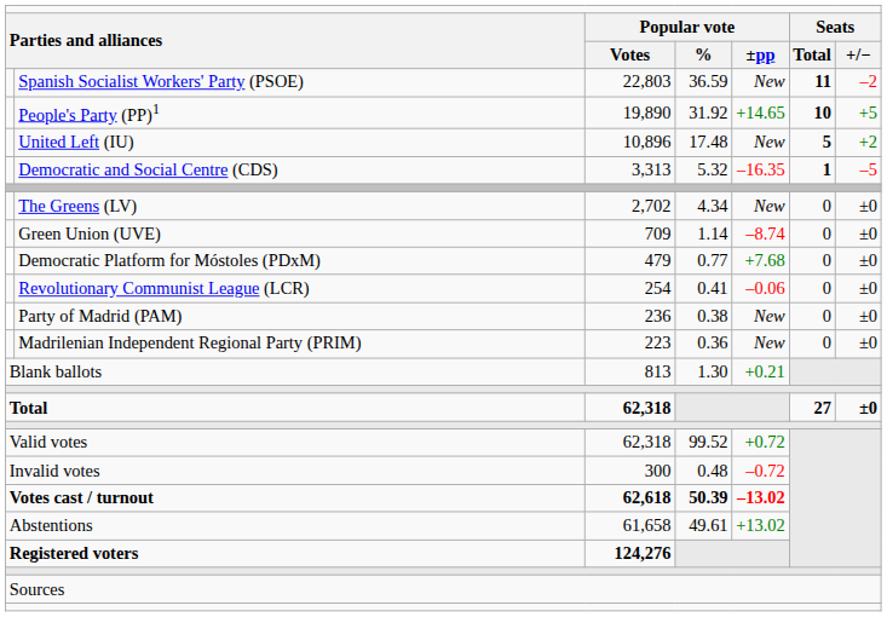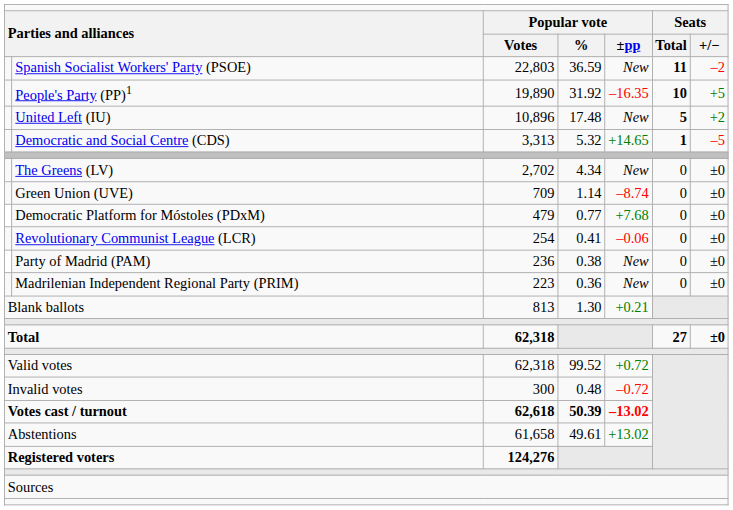 <table class="wikitable" style="text-align:right;">
 <tr>
 <td colspan="7"></td>
 </tr>
 <tr>
 <th style="text-align:left;" rowspan="2" colspan="2" width="525">Parties and alliances</th>
 <th colspan="3">Popular vote</th>
 <th colspan="2">Seats</th>
 </tr>
 <tr>
 <th width="75">Votes</th>
 <th width="45">%</th>
 <th width="45">±<a href='#'>pp</a></th>
 <th width="35">Total</th>
 <th width="35">+/−</th>
 </tr>
 <tr>
 <td width="1" style="color:inherit;background:"></td>
 <td align="left"><a href='#'>Spanish Socialist Workers' Party</a> (PSOE)</td>
 <td>22,803</td>
 <td>36.59</td>
 <td><em>New</em></td>
 <td><strong>11</strong></td>
 <td style="color:red;">–2</td>
 </tr>
 <tr>
 <td style="color:inherit;background:"></td>
 <td align="left"><a href='#'>People's Party</a> (PP)<sup>1</sup></td>
 <td>19,890</td>
 <td>31.92</td>
-<td style="color:green;">+14.65</td>
+<td style="color:red;">–16.35</td>
 <td><strong>10</strong></td>
 <td style="color:green;">+5</td>
 </tr>
 <tr>
 <td style="color:inherit;background:"></td>
 <td align="left"><a href='#'>United Left</a> (IU)</td>
 <td>10,896</td>
 <td>17.48</td>
 <td><em>New</em></td>
 <td><strong>5</strong></td>
 <td style="color:green;">+2</td>
 </tr>
 <tr>
 <td style="color:inherit;background:"></td>
 <td align="left"><a href='#'>Democratic and Social Centre</a> (CDS)</td>
 <td>3,313</td>
 <td>5.32</td>
-<td style="color:red;">–16.35</td>
+<td style="color:green;">+14.65</td>
 <td><strong>1</strong></td>
 <td style="color:red;">–5</td>
 </tr>
 <tr>
 <td colspan="7" bgcolor="#C0C0C0"></td>
 </tr>
 <tr>
 <td style="color:inherit;background:"></td>
 <td align="left"><a href='#'>The Greens</a> (LV)</td>
 <td>2,702</td>
 <td>4.34</td>
 <td><em>New</em></td>
 <td>0</td>
 <td>±0</td>
 </tr>
 <tr>
 <td style="color:inherit;background:"></td>
 <td align="left">Green Union (UVE)</td>
 <td>709</td>
 <td>1.14</td>
 <td style="color:red;">–8.74</td>
 <td>0</td>
 <td>±0</td>
 </tr>
 <tr>
 <td bgcolor="white"></td>
 <td align="left">Democratic Platform for Móstoles (PDxM)</td>
 <td>479</td>
 <td>0.77</td>
 <td style="color:green;">+7.68</td>
 <td>0</td>
 <td>±0</td>
 </tr>
 <tr>
 <td style="color:inherit;background:"></td>
 <td align="left"><a href='#'>Revolutionary Communist League</a> (LCR)</td>
 <td>254</td>
 <td>0.41</td>
 <td style="color:red;">–0.06</td>
 <td>0</td>
 <td>±0</td>
 </tr>
 <tr>
 <td bgcolor="white"></td>
 <td align="left">Party of Madrid (PAM)</td>
 <td>236</td>
 <td>0.38</td>
 <td><em>New</em></td>
 <td>0</td>
 <td>±0</td>
 </tr>
 <tr>
 <td style="color:inherit;background:"></td>
 <td align="left">Madrilenian Independent Regional Party (PRIM)</td>
 <td>223</td>
 <td>0.36</td>
 <td><em>New</em></td>
 <td>0</td>
 <td>±0</td>
 </tr>
 <tr>
 <td align="left" colspan="2">Blank ballots</td>
 <td>813</td>
 <td>1.30</td>
 <td style="color:green;">+0.21</td>
 <td bgcolor="#E9E9E9" colspan="2"></td>
 </tr>
 <tr>
 <td colspan="7" bgcolor="#E9E9E9"></td>
 </tr>
 <tr style="font-weight:bold;">
 <td align="left" colspan="2">Total</td>
 <td>62,318</td>
 <td bgcolor="#E9E9E9" colspan="2"></td>
 <td>27</td>
 <td>±0</td>
 </tr>
 <tr>
 <td colspan="7" bgcolor="#E9E9E9"></td>
 </tr>
 <tr>
 <td align="left" colspan="2">Valid votes</td>
 <td>62,318</td>
 <td>99.52</td>
 <td style="color:green;">+0.72</td>
 <td bgcolor="#E9E9E9" colspan="2" rowspan="5"></td>
 </tr>
 <tr>
 <td align="left" colspan="2">Invalid votes</td>
 <td>300</td>
 <td>0.48</td>
 <td style="color:red;">–0.72</td>
 </tr>
 <tr style="font-weight:bold;">
 <td align="left" colspan="2">Votes cast / turnout</td>
 <td>62,618</td>
 <td>50.39</td>
 <td style="color:red;">–13.02</td>
 </tr>
 <tr>
 <td align="left" colspan="2">Abstentions</td>
 <td>61,658</td>
 <td>49.61</td>
 <td style="color:green;">+13.02</td>
 </tr>
 <tr style="font-weight:bold;">
 <td align="left" colspan="2">Registered voters</td>
 <td>124,276</td>
 <td bgcolor="#E9E9E9" colspan="2"></td>
 </tr>
 <tr>
 <td colspan="7" bgcolor="#E9E9E9"></td>
 </tr>
 <tr>
 <td align="left" colspan="7">Sources</td>
 </tr>
 <tr>
 <td colspan="7" style="text-align:left; max-width:790px;"></td>
 </tr>
 </table>
